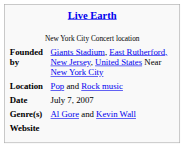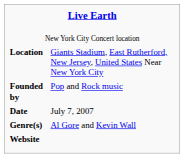 <table class="infobox" style="width: 20em; float:right; clear:right; font-size:90%" cellspacing="4">
 <tr style="vertical-align: top;">
 <th colspan="2" style="text-align: center;"><big><strong><a href='#'>Live Earth</a></strong></big></th>
 </tr>
 <tr style="vertical-align: top;">
 <td colspan="2" style="text-align: center;"></td>
 </tr>
 <tr style="vertical-align: top;">
 <td colspan="2" style="text-align: center;"></td>
 </tr>
 <tr style="vertical-align: top;">
 <td colspan="2" style="text-align: center;"><small>New York City Concert location</small></td>
 </tr>
 <tr style="vertical-align: top;">
-<td><strong>Founded by</strong></td>
+<td><strong>Location</strong></td>
 <td><a href='#'>Giants Stadium</a>, <a href='#'>East Rutherford, New Jersey</a>, <a href='#'>United States</a> Near <a href='#'>New York City</a></td>
 </tr>
 <tr style="vertical-align: top;">
-<td><strong>Location</strong></td>
+<td><strong>Founded by</strong></td>
 <td><a href='#'>Pop</a> and <a href='#'>Rock music</a></td>
 </tr>
 <tr style="vertical-align: top;">
 <td><strong>Date</strong></td>
 <td>July 7, 2007</td>
 </tr>
 <tr style="vertical-align: top;">
 <td><strong>Genre(s)</strong></td>
 <td><a href='#'>Al Gore</a> and <a href='#'>Kevin Wall</a></td>
 </tr>
 <tr style="vertical-align: top;">
 <td><strong>Website</strong></td>
 <td></td>
 </tr>
 <tr style="vertical-align: top;">
 <td colspan="2" style="text-align: center;"></td>
 </tr>
 </table>
